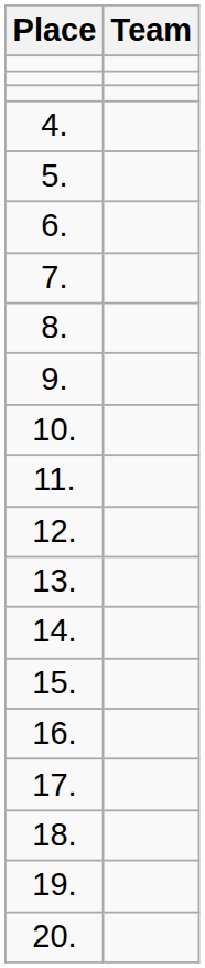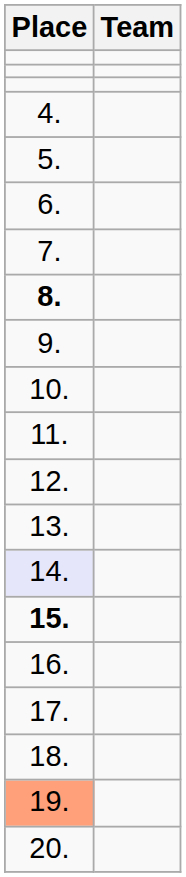 <table class="wikitable">
 <tr>
 <th>Place</th>
 <th>Team</th>
 </tr>
 <tr>
 <td align="center"></td>
 <td></td>
 </tr>
 <tr>
 <td align="center"></td>
 <td></td>
 </tr>
 <tr>
 <td align="center"></td>
 <td></td>
 </tr>
 <tr>
 <td align="center">4.</td>
 <td></td>
 </tr>
 <tr>
 <td align="center">5.</td>
 <td></td>
 </tr>
 <tr>
 <td align="center">6.</td>
 <td></td>
 </tr>
 <tr>
 <td align="center">7.</td>
 <td></td>
 </tr>
 <tr>
-<td align="center">8.</td>
+<td align="center"><strong>8.</strong></td>
 <td></td>
 </tr>
 <tr>
 <td align="center">9.</td>
 <td></td>
 </tr>
 <tr>
 <td align="center">10.</td>
 <td></td>
 </tr>
 <tr>
 <td align="center">11.</td>
 <td></td>
 </tr>
 <tr>
 <td align="center">12.</td>
 <td></td>
 </tr>
 <tr>
 <td align="center">13.</td>
 <td></td>
 </tr>
 <tr>
-<td align="center">14.</td>
+<td align="center" style="background: lavender;">14.</td>
 <td></td>
 </tr>
 <tr>
-<td align="center">15.</td>
+<td align="center"><strong>15.</strong></td>
 <td></td>
 </tr>
 <tr>
 <td align="center">16.</td>
 <td></td>
 </tr>
 <tr>
 <td align="center">17.</td>
 <td></td>
 </tr>
 <tr>
 <td align="center">18.</td>
 <td></td>
 </tr>
 <tr>
-<td align="center">19.</td>
+<td align="center" style="background: lightsalmon;">19.</td>
 <td></td>
 </tr>
 <tr>
 <td align="center">20.</td>
 <td></td>
 </tr>
 </table>
